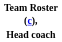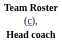 <table style="text-align: center; margin-top: 2em; margin-left: auto; margin-right: auto">
 <tr>
 <td><strong>Team Roster</strong></td>
 </tr>
 <tr>
-<td><strong>(<a href='#'>c</a>),</strong></td>
+<td>(<a href='#'>c</a>),</td>
 </tr>
 <tr>
 <td><strong>Head coach</strong></td>
 </tr>
 <tr>
 <td></td>
 </tr>
 </table>
